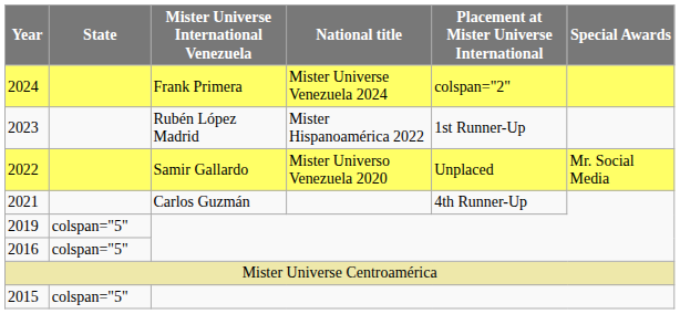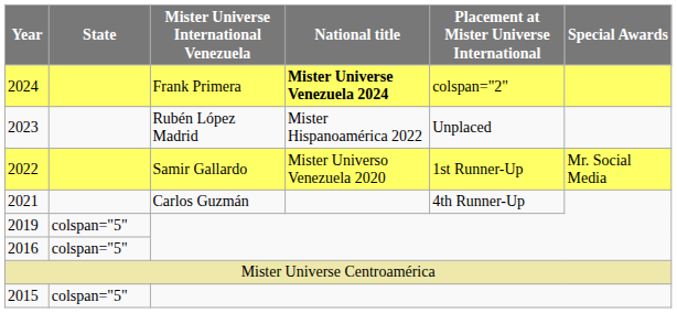 <table class="sortable" border="5" cellpadding="2" cellspacing="0" align=" 0 1em 0 0" style="background: #f9f9f9; border: 1px #aaa solid; border-collapse: collapse; font-size: 90%">
 <tr>
 <th width="60" style="background-color:#787878;color:#FFFFFF;">Year</th>
 <th width="150" style="background-color:#787878;color:#FFFFFF;">State</th>
 <th width="250" style="background-color:#787878;color:#FFFFFF;">Mister Universe International Venezuela</th>
 <th width="250" style="background-color:#787878;color:#FFFFFF;">National title</th>
 <th width="250" style="background-color:#787878;color:#FFFFFF;">Placement at Mister Universe International</th>
 <th width="250" style="background-color:#787878;color:#FFFFFF;">Special Awards</th>
 </tr>
 <tr bgcolor="#FFFF66">
 <td>2024</td>
 <td></td>
 <td>Frank Primera</td>
-<td>Mister Universe Venezuela 2024</td>
+<td><strong>Mister Universe Venezuela 2024</strong></td>
 <td>colspan="2" </td>
 <td></td>
 </tr>
 <tr>
 <td>2023</td>
 <td></td>
 <td>Rubén López Madrid</td>
 <td>Mister Hispanoamérica 2022</td>
-<td>1st Runner-Up</td>
+<td>Unplaced</td>
 <td></td>
 </tr>
 <tr bgcolor="#FFFF66">
 <td>2022</td>
 <td></td>
 <td>Samir Gallardo</td>
 <td>Mister Universo Venezuela 2020</td>
-<td>Unplaced</td>
+<td>1st Runner-Up</td>
 <td>Mr. Social Media</td>
 </tr>
 <tr>
 <td>2021</td>
 <td></td>
 <td>Carlos Guzmán</td>
 <td></td>
 <td>4th Runner-Up</td>
 </tr>
 <tr>
 <td>2019</td>
 <td>colspan="5" </td>
 </tr>
 <tr>
 <td>2016</td>
 <td>colspan="5" </td>
 </tr>
 <tr>
 <td colspan="6" bgcolor="eee8aa" align="center">Mister Universe Centroamérica</td>
 </tr>
 <tr>
 <td>2015</td>
 <td>colspan="5" </td>
 </tr>
 </table>
